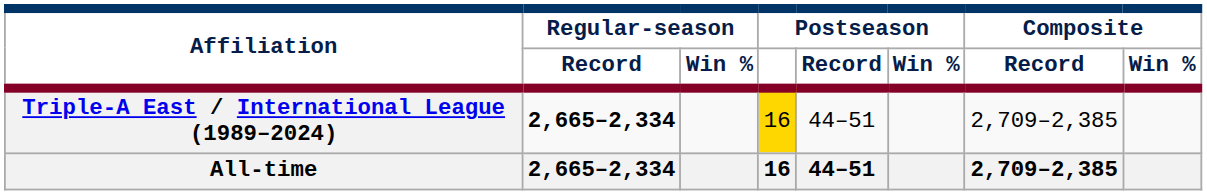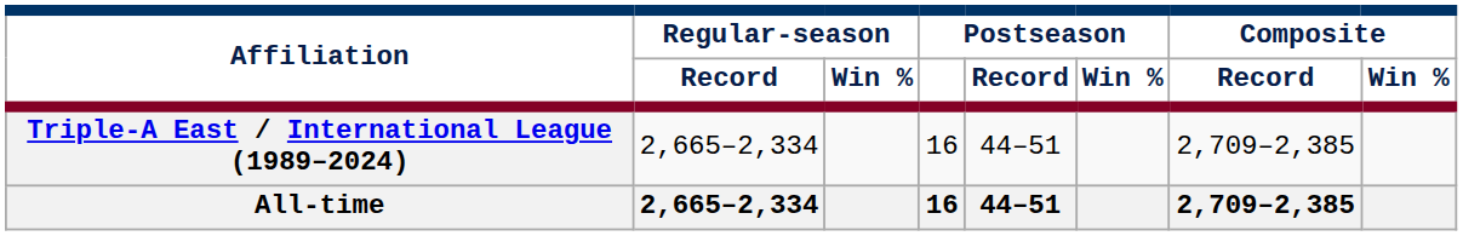 <table class="wikitable sortable plainrowheaders" style="font-size: 95%; text-align:center;">
 <tr>
 <th rowspan="2" scope="col" style="background-color:#ffffff; border-top:#003366 5px solid; border-bottom:#840026 5px solid; color:#071d49" width="280px">Affiliation</th>
 <th colspan="2" scope="col" style="background-color:#ffffff; border-top:#003366 5px solid; color:#071d49">Regular-season</th>
 <th colspan="3" scope="col" style="background-color:#ffffff; border-top:#003366 5px solid; color:#071d49">Postseason</th>
 <th colspan="2" scope="col" style="background-color:#ffffff; border-top:#003366 5px solid; color:#071d49">Composite</th>
 </tr>
 <tr>
 <th scope="col" style="background-color:#ffffff; border-bottom:#840026 5px solid; color:#071d49">Record</th>
 <th scope="col" style="background-color:#ffffff; border-bottom:#840026 5px solid; color:#071d49">Win %</th>
 <th scope="col" style="background-color:#ffffff; border-bottom:#840026 5px solid; color:#071d49"></th>
 <th scope="col" style="background-color:#ffffff; border-bottom:#840026 5px solid; color:#071d49">Record</th>
 <th scope="col" style="background-color:#ffffff; border-bottom:#840026 5px solid; color:#071d49">Win %</th>
 <th scope="col" style="background-color:#ffffff; border-bottom:#840026 5px solid; color:#071d49">Record</th>
 <th scope="col" style="background-color:#ffffff; border-bottom:#840026 5px solid; color:#071d49">Win %</th>
 </tr>
 <tr>
 <th scope="row"><a href='#'>Triple-A East</a> / <a href='#'>International League</a> (1989–2024)</th>
-<td><strong>2,665–2,334</strong></td>
+<td>2,665–2,334</td>
 <td></td>
-<td style="background: gold;">16</td>
+<td>16</td>
 <td>44–51</td>
 <td></td>
 <td>2,709–2,385</td>
 <td></td>
 </tr>
 <tr>
 <th scope="row"><strong>All-time</strong></th>
 <th>2,665–2,334</th>
 <th></th>
 <th>16</th>
 <th>44–51</th>
 <th></th>
 <th>2,709–2,385</th>
 <th></th>
 </tr>
 </table>
